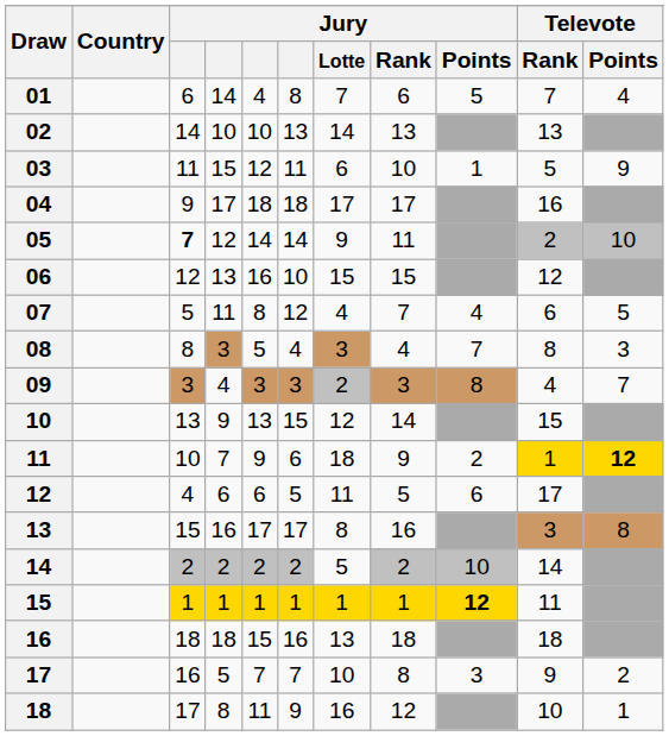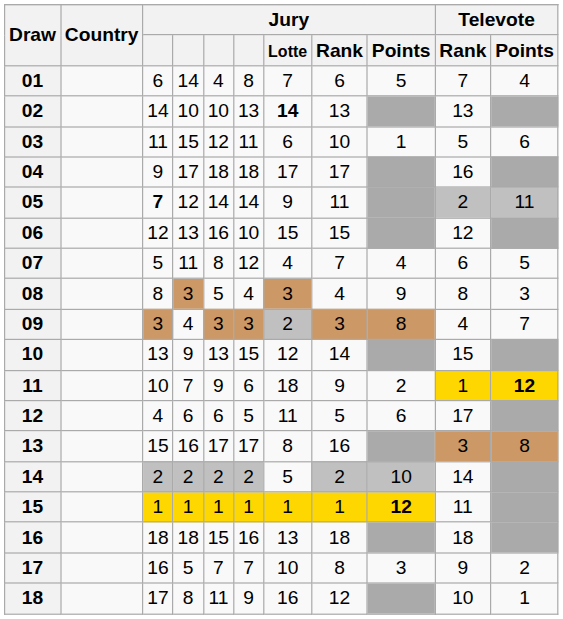 <table class="sortable wikitable collapsible plainrowheaders" style="text-align:center;">
 <tr>
 </tr>
 <tr>
 <th scope="col" rowspan="2">Draw</th>
 <th scope="col" rowspan="2">Country</th>
 <th scope="col" colspan="7">Jury</th>
 <th scope="col" colspan="2">Televote</th>
 </tr>
 <tr>
 <th scope="col"><small></small></th>
 <th scope="col"><small></small></th>
 <th scope="col"><small></small></th>
 <th scope="col"><small></small></th>
 <th scope="col"><small>Lotte</small></th>
 <th scope="col">Rank</th>
 <th scope="col">Points</th>
 <th scope="col">Rank</th>
 <th scope="col">Points</th>
 </tr>
 <tr>
 <th scope="row" style="text-align:center;">01</th>
 <td style="text-align:left;"></td>
 <td>6</td>
 <td>14</td>
 <td>4</td>
 <td>8</td>
 <td>7</td>
 <td>6</td>
 <td>5</td>
 <td>7</td>
 <td>4</td>
 </tr>
 <tr>
 <th scope="row" style="text-align:center;">02</th>
 <td style="text-align:left;"></td>
 <td>14</td>
 <td>10</td>
 <td>10</td>
 <td>13</td>
-<td>14</td>
+<td><strong>14</strong></td>
 <td>13</td>
 <td style="background:#AAAAAA;"></td>
 <td>13</td>
 <td style="background:#AAAAAA;"></td>
 </tr>
 <tr>
 <th scope="row" style="text-align:center;">03</th>
 <td style="text-align:left;"></td>
 <td>11</td>
 <td>15</td>
 <td>12</td>
 <td>11</td>
 <td>6</td>
 <td>10</td>
 <td>1</td>
 <td>5</td>
-<td>9</td>
+<td>6</td>
 </tr>
 <tr>
 <th scope="row" style="text-align:center;">04</th>
 <td style="text-align:left;"></td>
 <td>9</td>
 <td>17</td>
 <td>18</td>
 <td>18</td>
 <td>17</td>
 <td>17</td>
 <td style="background:#AAAAAA;"></td>
 <td>16</td>
 <td style="background:#AAAAAA;"></td>
 </tr>
 <tr>
 <th scope="row" style="text-align:center;">05</th>
 <td style="text-align:left;"></td>
 <td><strong>7</strong></td>
 <td>12</td>
 <td>14</td>
 <td>14</td>
 <td>9</td>
 <td>11</td>
 <td style="background:#AAAAAA;"></td>
 <td style="background:silver;">2</td>
-<td style="background:silver;">10</td>
+<td style="background:silver;">11</td>
 </tr>
 <tr>
 <th scope="row" style="text-align:center;">06</th>
 <td style="text-align:left;"></td>
 <td>12</td>
 <td>13</td>
 <td>16</td>
 <td>10</td>
 <td>15</td>
 <td>15</td>
 <td style="background:#AAAAAA;"></td>
 <td>12</td>
 <td style="background:#AAAAAA;"></td>
 </tr>
 <tr>
 <th scope="row" style="text-align:center;">07</th>
 <td style="text-align:left;"></td>
 <td>5</td>
 <td>11</td>
 <td>8</td>
 <td>12</td>
 <td>4</td>
 <td>7</td>
 <td>4</td>
 <td>6</td>
 <td>5</td>
 </tr>
 <tr>
 <th scope="row" style="text-align:center;">08</th>
 <td style="text-align:left;"></td>
 <td>8</td>
 <td style="background:#CC9966;">3</td>
 <td>5</td>
 <td>4</td>
 <td style="background:#CC9966;">3</td>
 <td>4</td>
-<td>7</td>
+<td>9</td>
 <td>8</td>
 <td>3</td>
 </tr>
 <tr>
 <th scope="row" style="text-align:center;">09</th>
 <td style="text-align:left;"></td>
 <td style="background:#CC9966;">3</td>
 <td>4</td>
 <td style="background:#CC9966;">3</td>
 <td style="background:#CC9966;">3</td>
 <td style="background:silver;">2</td>
 <td style="background:#CC9966;">3</td>
 <td style="background:#CC9966;">8</td>
 <td>4</td>
 <td>7</td>
 </tr>
 <tr>
 <th scope="row" style="text-align:center;">10</th>
 <td style="text-align:left;"></td>
 <td>13</td>
 <td>9</td>
 <td>13</td>
 <td>15</td>
 <td>12</td>
 <td>14</td>
 <td style="background:#AAAAAA;"></td>
 <td>15</td>
 <td style="background:#AAAAAA;"></td>
 </tr>
 <tr>
 <th scope="row" style="text-align:center;">11</th>
 <td style="text-align:left;"></td>
 <td>10</td>
 <td>7</td>
 <td>9</td>
 <td>6</td>
 <td>18</td>
 <td>9</td>
 <td>2</td>
 <td style="background:gold;">1</td>
 <td style="background:gold;"><strong>12</strong></td>
 </tr>
 <tr>
 <th scope="row" style="text-align:center;">12</th>
 <td style="text-align:left;"></td>
 <td>4</td>
 <td>6</td>
 <td>6</td>
 <td>5</td>
 <td>11</td>
 <td>5</td>
 <td>6</td>
 <td>17</td>
 <td style="background:#AAAAAA;"></td>
 </tr>
 <tr>
 <th scope="row" style="text-align:center;">13</th>
 <td style="text-align:left;"></td>
 <td>15</td>
 <td>16</td>
 <td>17</td>
 <td>17</td>
 <td>8</td>
 <td>16</td>
 <td style="background:#AAAAAA;"></td>
 <td style="background:#CC9966;">3</td>
 <td style="background:#CC9966;">8</td>
 </tr>
 <tr>
 <th scope="row" style="text-align:center;">14</th>
 <td style="text-align:left;"></td>
 <td style="background:silver;">2</td>
 <td style="background:silver;">2</td>
 <td style="background:silver;">2</td>
 <td style="background:silver;">2</td>
 <td>5</td>
 <td style="background:silver;">2</td>
 <td style="background:silver;">10</td>
 <td>14</td>
 <td style="background:#AAAAAA;"></td>
 </tr>
 <tr>
 <th scope="row" style="text-align:center;">15</th>
 <td style="text-align:left;"></td>
 <td style="background:gold;">1</td>
 <td style="background:gold;">1</td>
 <td style="background:gold;">1</td>
 <td style="background:gold;">1</td>
 <td style="background:gold;">1</td>
 <td style="background:gold;">1</td>
 <td style="background:gold;"><strong>12</strong></td>
 <td>11</td>
 <td style="background:#AAAAAA;"></td>
 </tr>
 <tr>
 <th scope="row" style="text-align:center;">16</th>
 <td style="text-align:left;"></td>
 <td>18</td>
 <td>18</td>
 <td>15</td>
 <td>16</td>
 <td>13</td>
 <td>18</td>
 <td style="background:#AAAAAA;"></td>
 <td>18</td>
 <td style="background:#AAAAAA;"></td>
 </tr>
 <tr>
 <th scope="row" style="text-align:center;">17</th>
 <td style="text-align:left;"></td>
 <td>16</td>
 <td>5</td>
 <td>7</td>
 <td>7</td>
 <td>10</td>
 <td>8</td>
 <td>3</td>
 <td>9</td>
 <td>2</td>
 </tr>
 <tr>
 <th scope="row" style="text-align:center;">18</th>
 <td style="text-align:left;"></td>
 <td>17</td>
 <td>8</td>
 <td>11</td>
 <td>9</td>
 <td>16</td>
 <td>12</td>
 <td style="background:#AAAAAA;"></td>
 <td>10</td>
 <td>1</td>
 </tr>
 </table>
